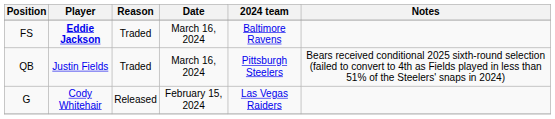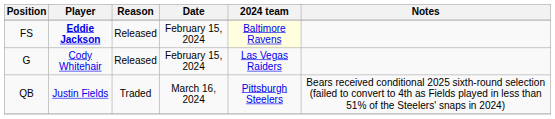 <table class="wikitable sortable" style="text-align:center">
 <tr>
 <th>Position</th>
 <th>Player</th>
 <th>Reason</th>
 <th>Date</th>
 <th>2024 team</th>
 <th>Notes</th>
 </tr>
 <tr>
 </tr>
 <tr>
 <td>FS</td>
 <td><strong><a href='#'>Eddie Jackson</a></strong></td>
-<td>Traded</td>
-<td>March 16, 2024</td>
-<td><a href='#'>Baltimore Ravens</a></td>
+<td>Released</td>
+<td>February 15, 2024</td>
+<td style="background: lightyellow;"><a href='#'>Baltimore Ravens</a></td>
+<td></td>
+</tr>
+<tr>
+<td>G</td>
+<td><a href='#'>Cody Whitehair</a></td>
+<td>Released</td>
+<td>February 15, 2024</td>
+<td><a href='#'>Las Vegas Raiders</a></td>
 <td></td>
 </tr>
 <tr>
 <td>QB</td>
 <td><a href='#'>Justin Fields</a></td>
 <td>Traded</td>
 <td>March 16, 2024</td>
 <td><a href='#'>Pittsburgh Steelers</a></td>
 <td>Bears received conditional 2025 sixth-round selection <br> (failed to convert to 4th as Fields played in less than 51% of the Steelers' snaps in 2024)</td>
 </tr>
 <tr>
-<td>G</td>
-<td><a href='#'>Cody Whitehair</a></td>
-<td>Released</td>
-<td>February 15, 2024</td>
-<td><a href='#'>Las Vegas Raiders</a></td>
-<td></td>
-</tr>
-<tr>
 </tr>
 </table>
